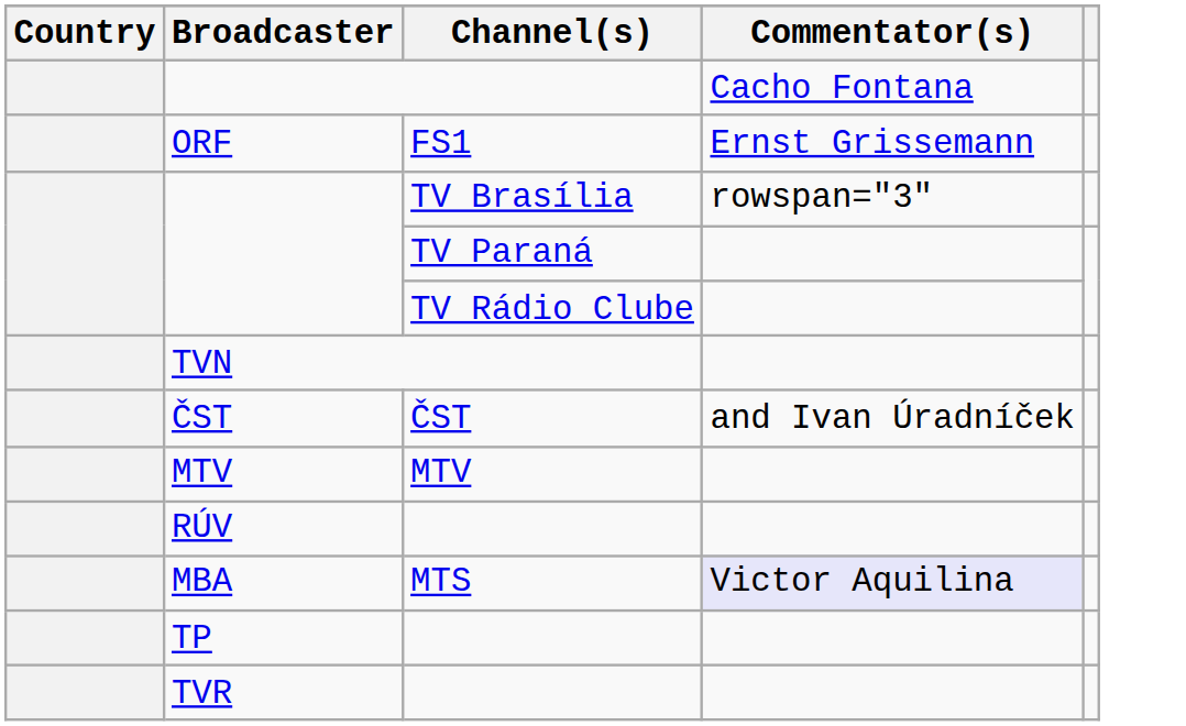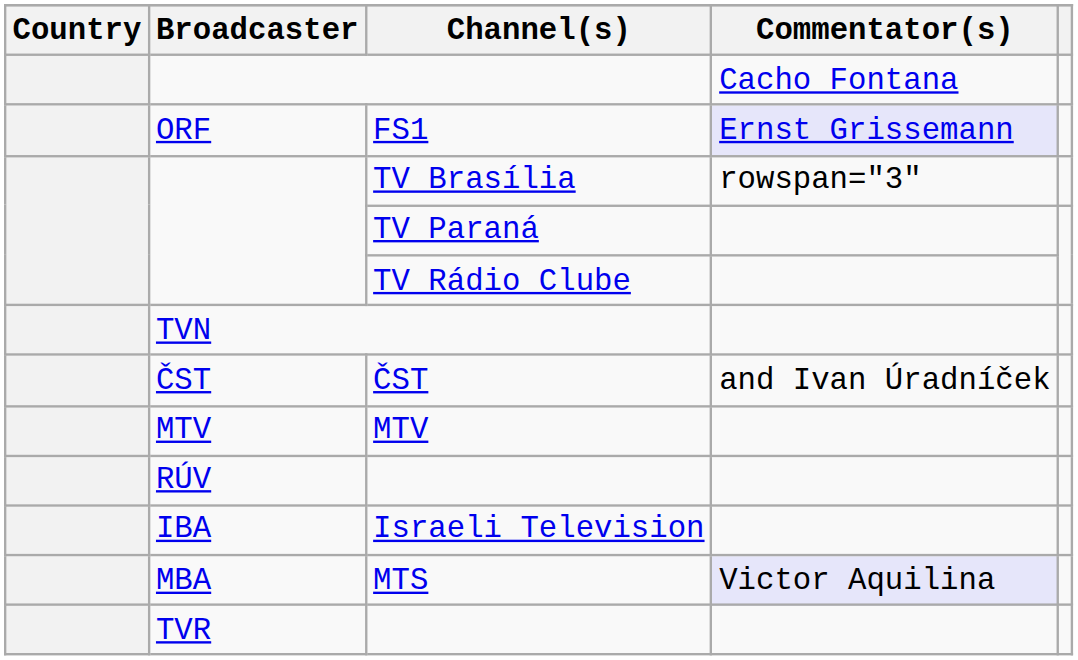 <table class="wikitable plainrowheaders">
 <tr>
 </tr>
 <tr>
 <th scope="col">Country</th>
 <th scope="col">Broadcaster</th>
 <th scope="col">Channel(s)</th>
 <th scope="col">Commentator(s)</th>
 <th scope="col"></th>
 </tr>
 <tr>
 <th scope="row"></th>
 <td colspan="2"></td>
 <td><a href='#'>Cacho Fontana</a></td>
 <td style="text-align:center"></td>
 </tr>
 <tr>
 <th scope="row"></th>
 <td><a href='#'>ORF</a></td>
 <td><a href='#'>FS1</a></td>
-<td><a href='#'>Ernst Grissemann</a></td>
+<td style="background: lavender;"><a href='#'>Ernst Grissemann</a></td>
 <td style="text-align:center"></td>
 </tr>
 <tr>
 <th scope="row" rowspan="3"></th>
 <td rowspan="3"></td>
 <td><a href='#'>TV Brasília</a></td>
 <td>rowspan="3" </td>
 <td style="text-align:center"></td>
 </tr>
 <tr>
 <td><a href='#'>TV Paraná</a></td>
 <td style="text-align:center"></td>
 </tr>
 <tr>
 <td><a href='#'>TV Rádio Clube</a></td>
 <td style="text-align:center"></td>
 </tr>
 <tr>
 <th scope="row"></th>
 <td colspan="2"><a href='#'>TVN</a></td>
 <td></td>
 <td style="text-align:center"></td>
 </tr>
 <tr>
 <th scope="row"></th>
 <td><a href='#'>ČST</a></td>
 <td><a href='#'>ČST</a></td>
 <td> and Ivan Úradníček</td>
 <td style="text-align:center"></td>
 </tr>
 <tr>
 <th scope="row"></th>
 <td><a href='#'>MTV</a></td>
 <td><a href='#'>MTV</a></td>
 <td></td>
 <td style="text-align:center"></td>
 </tr>
 <tr>
 <th scope="row"></th>
 <td><a href='#'>RÚV</a></td>
 <td></td>
 <td></td>
 <td style="text-align:center"></td>
 </tr>
 <tr>
 <th scope="row"></th>
-<td><a href='#'>MBA</a></td>
-<td><a href='#'>MTS</a></td>
-<td style="background: lavender;">Victor Aquilina</td>
+<td><a href='#'>IBA</a></td>
+<td><a href='#'>Israeli Television</a></td>
+<td></td>
 <td style="text-align:center"></td>
 </tr>
 <tr>
 <th scope="row"></th>
-<td><a href='#'>TP</a></td>
-<td></td>
-<td></td>
+<td><a href='#'>MBA</a></td>
+<td><a href='#'>MTS</a></td>
+<td style="background: lavender;">Victor Aquilina</td>
 <td style="text-align:center"></td>
 </tr>
 <tr>
 <th scope="row"></th>
 <td><a href='#'>TVR</a></td>
 <td></td>
 <td></td>
 <td style="text-align:center"></td>
 </tr>
 </table>
